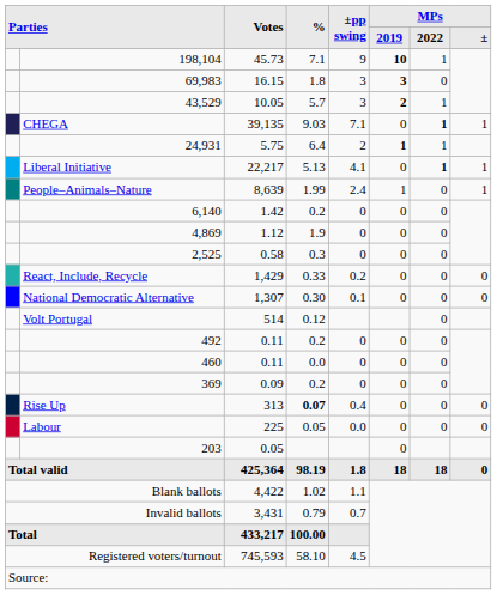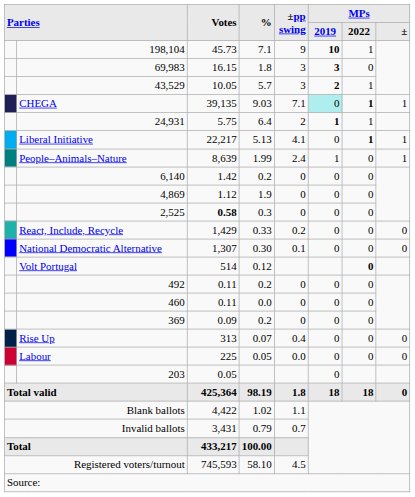 <table class="wikitable" style="text-align:right; font-size:95%;">
 <tr>
 <th rowspan="2" colspan="2" style="background:#e9e9e9; text-align:left;" alignleft><a href='#'>Parties</a></th>
 <th rowspan="2" style="background:#e9e9e9; text-align:right;">Votes</th>
 <th rowspan="2" style="background:#e9e9e9; text-align:right;">%</th>
 <th rowspan="2" style="background:#e9e9e9; text-align:right;">±<a href='#'>pp</a> <a href='#'>swing</a></th>
 <th colspan="3" style="background:#e9e9e9; text-align:center;"><a href='#'>MPs</a></th>
 </tr>
 <tr style="background-color:#E9E9E9">
 <th style="background-color:#E9E9E9;text-align:center;"><a href='#'>2019</a></th>
 <th style="background-color:#E9E9E9;text-align:center;">2022</th>
 <th style="background:#e9e9e9; text-align:right;">±</th>
 </tr>
 <tr>
 <td></td>
 <td>198,104</td>
 <td>45.73</td>
 <td>7.1</td>
 <td>9</td>
 <td><strong>10</strong></td>
 <td>1</td>
 </tr>
 <tr>
 <td></td>
 <td>69,983</td>
 <td>16.15</td>
 <td>1.8</td>
 <td>3</td>
 <td><strong>3</strong></td>
 <td>0</td>
 </tr>
 <tr>
 <td></td>
 <td>43,529</td>
 <td>10.05</td>
 <td>5.7</td>
 <td>3</td>
 <td><strong>2</strong></td>
 <td>1</td>
 </tr>
 <tr>
 <td style="width: 10px" bgcolor="#202056" align="center"></td>
 <td align="left"><a href='#'>CHEGA</a></td>
 <td>39,135</td>
 <td>9.03</td>
 <td>7.1</td>
-<td>0</td>
+<td style="background: paleturquoise;">0</td>
 <td><strong>1</strong></td>
 <td>1</td>
 </tr>
 <tr>
 <td></td>
 <td>24,931</td>
 <td>5.75</td>
 <td>6.4</td>
 <td>2</td>
 <td><strong>1</strong></td>
 <td>1</td>
 </tr>
 <tr>
 <td style="width: 10px" bgcolor="#00ADEF" align="center"></td>
 <td align="left"><a href='#'>Liberal Initiative</a></td>
 <td>22,217</td>
 <td>5.13</td>
 <td>4.1</td>
 <td>0</td>
 <td><strong>1</strong></td>
 <td>1</td>
 </tr>
 <tr>
 <td style="width: 10px" bgcolor="teal" align="center"></td>
 <td align="left"><a href='#'>People–Animals–Nature</a></td>
 <td>8,639</td>
 <td>1.99</td>
 <td>2.4</td>
 <td>1</td>
 <td>0</td>
 <td>1</td>
 </tr>
 <tr>
 <td></td>
 <td>6,140</td>
 <td>1.42</td>
 <td>0.2</td>
 <td>0</td>
 <td>0</td>
 <td>0</td>
 </tr>
 <tr>
 <td></td>
 <td>4,869</td>
 <td>1.12</td>
 <td>1.9</td>
 <td>0</td>
 <td>0</td>
 <td>0</td>
 </tr>
 <tr>
 <td></td>
 <td>2,525</td>
-<td>0.58</td>
+<td><strong>0.58</strong></td>
 <td>0.3</td>
 <td>0</td>
 <td>0</td>
 <td>0</td>
 </tr>
 <tr>
 <td style="width: 10px" bgcolor="LightSeaGreen" align="center"></td>
 <td align="left"><a href='#'>React, Include, Recycle</a></td>
 <td>1,429</td>
 <td>0.33</td>
 <td>0.2</td>
 <td>0</td>
 <td>0</td>
 <td>0</td>
 </tr>
 <tr>
 <td style="width: 10px" bgcolor="blue" align="center"></td>
 <td align="left"><a href='#'>National Democratic Alternative</a></td>
 <td>1,307</td>
 <td>0.30</td>
 <td>0.1</td>
 <td>0</td>
 <td>0</td>
 <td>0</td>
 </tr>
 <tr>
 <td style="width: 10px"></td>
 <td align="left"><a href='#'>Volt Portugal</a></td>
 <td>514</td>
 <td>0.12</td>
 <td></td>
 <td></td>
-<td>0</td>
+<td><strong>0</strong></td>
 <td></td>
 </tr>
 <tr>
 <td></td>
 <td>492</td>
 <td>0.11</td>
 <td>0.2</td>
 <td>0</td>
 <td>0</td>
 <td>0</td>
 </tr>
 <tr>
 <td></td>
 <td>460</td>
 <td>0.11</td>
 <td>0.0</td>
 <td>0</td>
 <td>0</td>
 <td>0</td>
 </tr>
 <tr>
 <td></td>
 <td>369</td>
 <td>0.09</td>
 <td>0.2</td>
 <td>0</td>
 <td>0</td>
 <td>0</td>
 </tr>
 <tr>
 <td style="width: 10px" bgcolor="#002147" align="center"></td>
 <td align="left"><a href='#'>Rise Up</a></td>
 <td>313</td>
-<td><strong>0.07</strong></td>
+<td>0.07</td>
 <td>0.4</td>
 <td>0</td>
 <td>0</td>
 <td>0</td>
 </tr>
 <tr>
 <td style="width: 10px" bgcolor="#CC0033" align="center"></td>
 <td align="left"><a href='#'>Labour</a></td>
 <td>225</td>
 <td>0.05</td>
 <td>0.0</td>
 <td>0</td>
 <td>0</td>
 <td>0</td>
 </tr>
 <tr>
 <td></td>
 <td>203</td>
 <td>0.05</td>
 <td></td>
 <td></td>
 <td>0</td>
 <td></td>
 </tr>
 <tr>
 <td colspan=2 width="247" align=left style="background-color:#E9E9E9"><strong>Total valid</strong></td>
 <td width="65" align="right" style="background-color:#E9E9E9"><strong>425,364</strong></td>
 <td width="40" align="right" style="background-color:#E9E9E9"><strong>98.19</strong></td>
 <td width="40" align="right" style="background-color:#E9E9E9"><strong>1.8</strong></td>
 <td width="40" align="right" style="background-color:#E9E9E9"><strong>18</strong></td>
 <td width="40" align="right" style="background-color:#E9E9E9"><strong>18</strong></td>
 <td width="40" align="right" style="background-color:#E9E9E9"><strong>0</strong></td>
 </tr>
 <tr>
 <td colspan=2>Blank ballots</td>
 <td>4,422</td>
 <td>1.02</td>
 <td>1.1</td>
 <td colspan=4 rowspan=4></td>
 </tr>
 <tr>
 <td colspan=2>Invalid ballots</td>
 <td>3,431</td>
 <td>0.79</td>
 <td>0.7</td>
 </tr>
 <tr>
 <td colspan=2 align=left style="background-color:#E9E9E9"><strong>Total</strong></td>
 <td width="50" align="right" style="background-color:#E9E9E9"><strong>433,217</strong></td>
 <td width="40" align="right" style="background-color:#E9E9E9"><strong>100.00</strong></td>
 <td width="40" align="right" style="background-color:#E9E9E9"></td>
 </tr>
 <tr>
 <td colspan=2>Registered voters/turnout</td>
 <td>745,593</td>
 <td>58.10</td>
 <td>4.5</td>
 </tr>
 <tr>
 <td colspan=11 align=left>Source: </td>
 </tr>
 </table>
